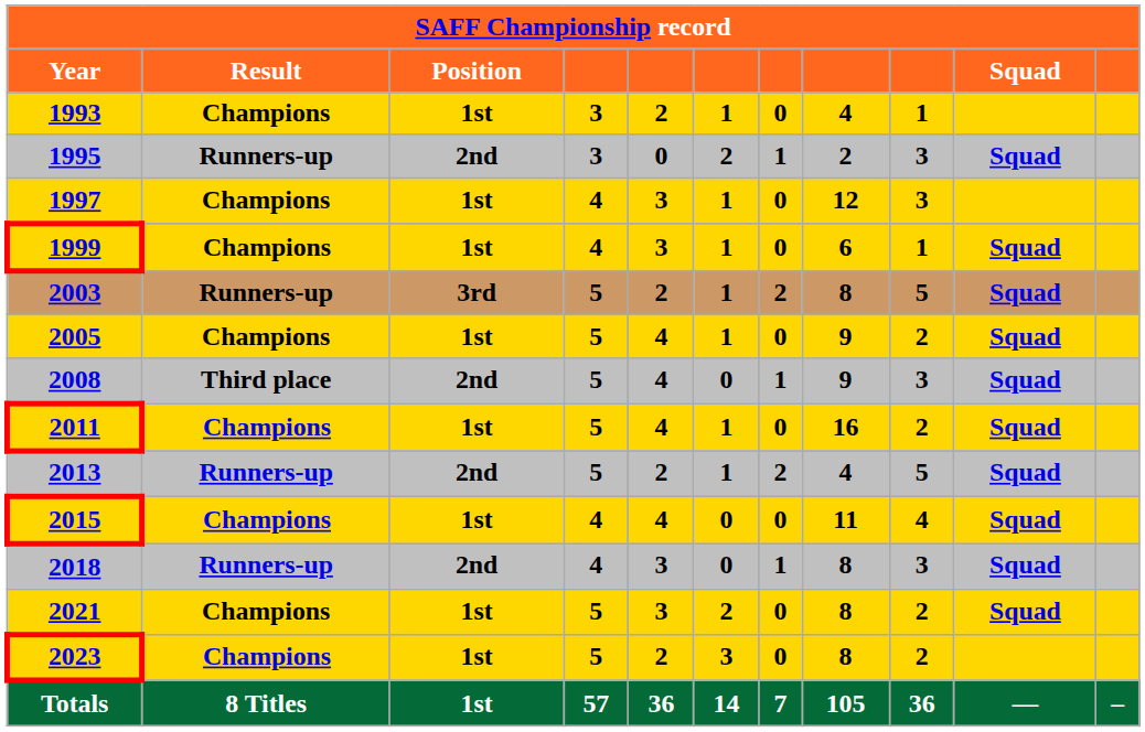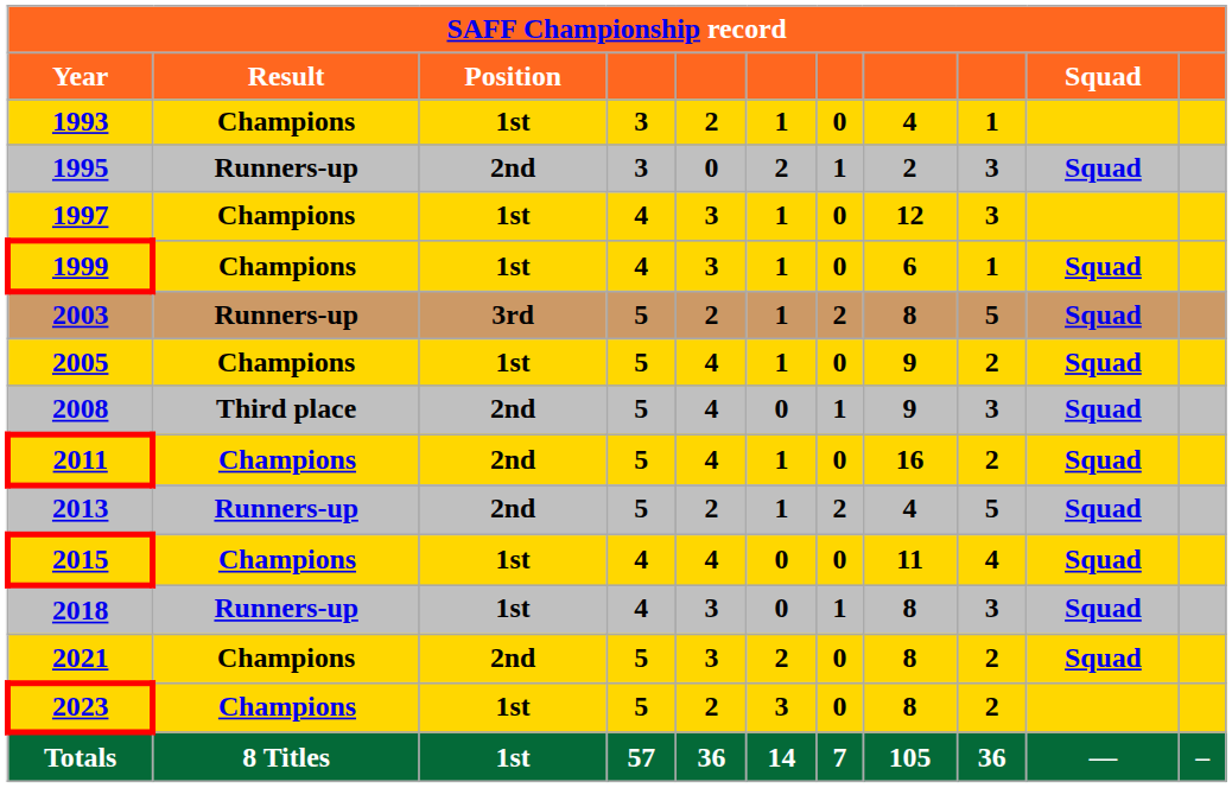 <table class="wikitable" style="font-size:90%; text-align:center;" width="100%" class="wikitable">
 <tr>
 <th colspan=11 style="background:#FF671F; color:white; "><a href='#'>SAFF Championship</a> record</th>
 </tr>
 <tr>
 <th style="background:#FF671F; color:white; ">Year</th>
 <th style="background:#FF671F; color:white; ">Result</th>
 <th style="background:#FF671F; color:white; ">Position</th>
 <th style="background:#FF671F; color:white; "></th>
 <th style="background:#FF671F; color:white; "></th>
 <th style="background:#FF671F; color:white; "></th>
 <th style="background:#FF671F; color:white; "></th>
 <th style="background:#FF671F; color:white; "></th>
 <th style="background:#FF671F; color:white; "></th>
 <th style="background:#FF671F; color:white; ">Squad</th>
 <th style="background:#FF671F; color:white; "></th>
 </tr>
 <tr style="background:gold;">
 <td> <strong><a href='#'>1993</a></strong></td>
 <td><strong>Champions</strong></td>
 <td><strong>1st</strong></td>
 <td><strong>3</strong></td>
 <td><strong>2</strong></td>
 <td><strong>1</strong></td>
 <td><strong>0</strong></td>
 <td><strong>4</strong></td>
 <td><strong>1</strong></td>
 <td><strong></strong></td>
 <td></td>
 </tr>
 <tr style="background:silver;">
 <td> <strong><a href='#'>1995</a></strong></td>
 <td><strong>Runners-up</strong></td>
 <td><strong>2nd</strong></td>
 <td><strong>3</strong></td>
 <td><strong>0</strong></td>
 <td><strong>2</strong></td>
 <td><strong>1</strong></td>
 <td><strong>2</strong></td>
 <td><strong>3</strong></td>
 <td><strong><a href='#'>Squad</a></strong></td>
 <td></td>
 </tr>
 <tr style="background:gold;">
 <td> <strong><a href='#'>1997</a></strong></td>
 <td><strong>Champions</strong></td>
 <td><strong>1st</strong></td>
 <td><strong>4</strong></td>
 <td><strong>3</strong></td>
 <td><strong>1</strong></td>
 <td><strong>0</strong></td>
 <td><strong>12</strong></td>
 <td><strong>3</strong></td>
 <td><strong></strong></td>
 <td></td>
 </tr>
 <tr style="background:gold;">
 <td style="border: 3px solid red"> <strong><a href='#'>1999</a></strong></td>
 <td><strong>Champions</strong></td>
 <td><strong>1st</strong></td>
 <td><strong>4</strong></td>
 <td><strong>3</strong></td>
 <td><strong>1</strong></td>
 <td><strong>0</strong></td>
 <td><strong>6</strong></td>
 <td><strong>1</strong></td>
 <td><strong><a href='#'>Squad</a></strong></td>
 <td></td>
 </tr>
 <tr style="background:#c96;">
 <td> <strong><a href='#'>2003</a></strong></td>
 <td><strong>Runners-up</strong></td>
 <td><strong>3rd</strong></td>
 <td><strong>5</strong></td>
 <td><strong>2</strong></td>
 <td><strong>1</strong></td>
 <td><strong>2</strong></td>
 <td><strong>8</strong></td>
 <td><strong>5</strong></td>
 <td><strong><a href='#'>Squad</a></strong></td>
 <td></td>
 </tr>
 <tr style="background:gold;">
 <td> <strong><a href='#'>2005</a></strong></td>
 <td><strong>Champions</strong></td>
 <td><strong>1st</strong></td>
 <td><strong>5</strong></td>
 <td><strong>4</strong></td>
 <td><strong>1</strong></td>
 <td><strong>0</strong></td>
 <td><strong>9</strong></td>
 <td><strong>2</strong></td>
 <td><strong><a href='#'>Squad</a></strong></td>
 <td></td>
 </tr>
 <tr style="background:silver;">
 <td>  <strong><a href='#'>2008</a></strong></td>
 <td><strong>Third place</strong></td>
 <td><strong>2nd</strong></td>
 <td><strong>5</strong></td>
 <td><strong>4</strong></td>
 <td><strong>0</strong></td>
 <td><strong>1</strong></td>
 <td><strong>9</strong></td>
 <td><strong>3</strong></td>
 <td><strong><a href='#'>Squad</a></strong></td>
 <td></td>
 </tr>
 <tr style="background:gold;">
 <td style="border: 3px solid red"> <strong><a href='#'>2011</a></strong></td>
 <td><strong><a href='#'>Champions</a></strong></td>
-<td><strong>1st</strong></td>
+<td><strong>2nd</strong></td>
 <td><strong>5</strong></td>
 <td><strong>4</strong></td>
 <td><strong>1</strong></td>
 <td><strong>0</strong></td>
 <td><strong>16</strong></td>
 <td><strong>2</strong></td>
 <td><strong><a href='#'>Squad</a></strong></td>
 <td></td>
 </tr>
 <tr style="background:silver;">
 <td> <strong><a href='#'>2013</a></strong></td>
 <td><strong><a href='#'>Runners-up</a></strong></td>
 <td><strong>2nd</strong></td>
 <td><strong>5</strong></td>
 <td><strong>2</strong></td>
 <td><strong>1</strong></td>
 <td><strong>2</strong></td>
 <td><strong>4</strong></td>
 <td><strong>5</strong></td>
 <td><strong><a href='#'>Squad</a></strong></td>
 <td></td>
 </tr>
 <tr style="background:gold;">
 <td style="border: 3px solid red"> <strong><a href='#'>2015</a></strong></td>
 <td><strong><a href='#'>Champions</a></strong></td>
 <td><strong>1st</strong></td>
 <td><strong>4</strong></td>
 <td><strong>4</strong></td>
 <td><strong>0</strong></td>
 <td><strong>0</strong></td>
 <td><strong>11</strong></td>
 <td><strong>4</strong></td>
 <td><strong><a href='#'>Squad</a></strong></td>
 <td></td>
 </tr>
 <tr style="background:silver;">
 <td> <strong><a href='#'>2018</a></strong></td>
 <td><strong><a href='#'>Runners-up</a></strong></td>
-<td><strong>2nd</strong></td>
+<td><strong>1st</strong></td>
 <td><strong>4</strong></td>
 <td><strong>3</strong></td>
 <td><strong>0</strong></td>
 <td><strong>1</strong></td>
 <td><strong>8</strong></td>
 <td><strong>3</strong></td>
 <td><strong><a href='#'>Squad</a></strong></td>
 <td></td>
 </tr>
 <tr style="background:gold;">
 <td> <strong><a href='#'>2021</a></strong></td>
 <td><strong>Champions</strong></td>
-<td><strong>1st</strong></td>
+<td><strong>2nd</strong></td>
 <td><strong>5</strong></td>
 <td><strong>3</strong></td>
 <td><strong>2</strong></td>
 <td><strong>0</strong></td>
 <td><strong>8</strong></td>
 <td><strong>2</strong></td>
 <td><strong><a href='#'>Squad</a></strong></td>
 <td></td>
 </tr>
 <tr style="background:gold;">
 <td style="border: 3px solid red"> <strong><a href='#'>2023</a></strong></td>
 <td><strong><a href='#'>Champions</a></strong></td>
 <td><strong>1st</strong></td>
 <td><strong>5</strong></td>
 <td><strong>2</strong></td>
 <td><strong>3</strong></td>
 <td><strong>0</strong></td>
 <td><strong>8</strong></td>
 <td><strong>2</strong></td>
 <td><strong></strong></td>
 <td></td>
 </tr>
 <tr>
 <th style="background:#046A38; color:white; "><strong>Totals</strong></th>
 <th style="background:#046A38; color:white; ">8 Titles</th>
 <th style="background:#046A38; color:white; ">1st</th>
 <th style="background:#046A38; color:white; ">57</th>
 <th style="background:#046A38; color:white; ">36</th>
 <th style="background:#046A38; color:white; ">14</th>
 <th style="background:#046A38; color:white; ">7</th>
 <th style="background:#046A38; color:white; ">105</th>
 <th style="background:#046A38; color:white; ">36</th>
 <th style="background:#046A38; color:white; ">—</th>
 <th style="background:#046A38; color:white; ">–</th>
 </tr>
 </table>
